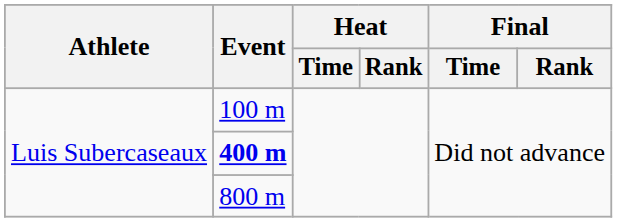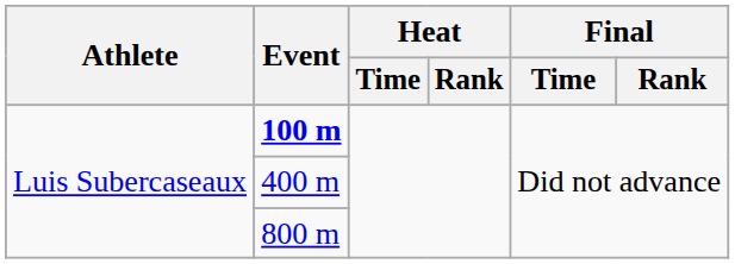 <table class="wikitable" style="font-size:90%;text-align:center">
 <tr>
 <th rowspan="2">Athlete</th>
 <th rowspan="2">Event</th>
 <th colspan="2">Heat</th>
 <th colspan="2">Final</th>
 </tr>
 <tr style="font-size:95%">
 <th>Time</th>
 <th>Rank</th>
 <th>Time</th>
 <th>Rank</th>
 </tr>
 <tr>
 <td rowspan="3" align="left"><a href='#'>Luis Subercaseaux</a></td>
-<td align="left"><a href='#'>100 m</a></td>
+<td align="left"><strong><a href='#'>100 m</a></strong></td>
 <td colspan="2" rowspan="3"></td>
 <td colspan="2" rowspan="3">Did not advance</td>
 </tr>
 <tr>
-<td align="left"><strong><a href='#'>400 m</a></strong></td>
+<td align="left"><a href='#'>400 m</a></td>
 </tr>
 <tr>
 <td align="left"><a href='#'>800 m</a></td>
 </tr>
 </table>
